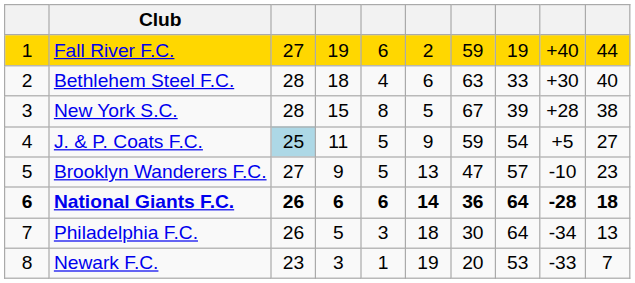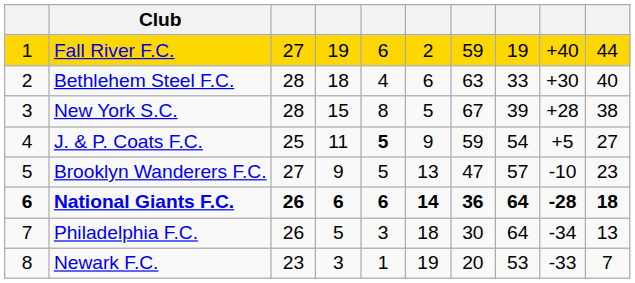 <table class="wikitable" style="text-align:center">
 <tr>
 <th width=30></th>
 <th>Club</th>
 <th width=30></th>
 <th width=30></th>
 <th width=30></th>
 <th width=30></th>
 <th width=30></th>
 <th width=30></th>
 <th width=30></th>
 <th width=30></th>
 </tr>
 <tr bgcolor="gold">
 <td>1</td>
 <td align=left><a href='#'>Fall River F.C.</a></td>
 <td>27</td>
 <td>19</td>
 <td>6</td>
 <td>2</td>
 <td>59</td>
 <td>19</td>
 <td>+40</td>
 <td>44</td>
 </tr>
 <tr>
 <td>2</td>
 <td align=left><a href='#'>Bethlehem Steel F.C.</a></td>
 <td>28</td>
 <td>18</td>
 <td>4</td>
 <td>6</td>
 <td>63</td>
 <td>33</td>
 <td>+30</td>
 <td>40</td>
 </tr>
 <tr>
 <td>3</td>
 <td align=left><a href='#'>New York S.C.</a></td>
 <td>28</td>
 <td>15</td>
 <td>8</td>
 <td>5</td>
 <td>67</td>
 <td>39</td>
 <td>+28</td>
 <td>38</td>
 </tr>
 <tr>
 <td>4</td>
 <td align=left><a href='#'>J. & P. Coats F.C.</a></td>
-<td style="background: lightblue;">25</td>
+<td>25</td>
 <td>11</td>
-<td>5</td>
+<td><strong>5</strong></td>
 <td>9</td>
 <td>59</td>
 <td>54</td>
 <td>+5</td>
 <td>27</td>
 </tr>
 <tr>
 <td>5</td>
 <td align=left><a href='#'>Brooklyn Wanderers F.C.</a></td>
 <td>27</td>
 <td>9</td>
 <td>5</td>
 <td>13</td>
 <td>47</td>
 <td>57</td>
 <td>-10</td>
 <td>23</td>
 </tr>
 <tr>
 <td><strong>6</strong></td>
 <td align=left><strong><a href='#'>National Giants F.C.</a></strong></td>
 <td><strong>26</strong></td>
 <td><strong>6</strong></td>
 <td><strong>6</strong></td>
 <td><strong>14</strong></td>
 <td><strong>36</strong></td>
 <td><strong>64</strong></td>
 <td><strong>-28</strong></td>
 <td><strong>18</strong></td>
 </tr>
 <tr>
 <td>7</td>
 <td align=left><a href='#'>Philadelphia F.C.</a></td>
 <td>26</td>
 <td>5</td>
 <td>3</td>
 <td>18</td>
 <td>30</td>
 <td>64</td>
 <td>-34</td>
 <td>13</td>
 </tr>
 <tr>
 <td>8</td>
 <td align=left><a href='#'>Newark F.C.</a></td>
 <td>23</td>
 <td>3</td>
 <td>1</td>
 <td>19</td>
 <td>20</td>
 <td>53</td>
 <td>-33</td>
 <td>7</td>
 </tr>
 </table>
